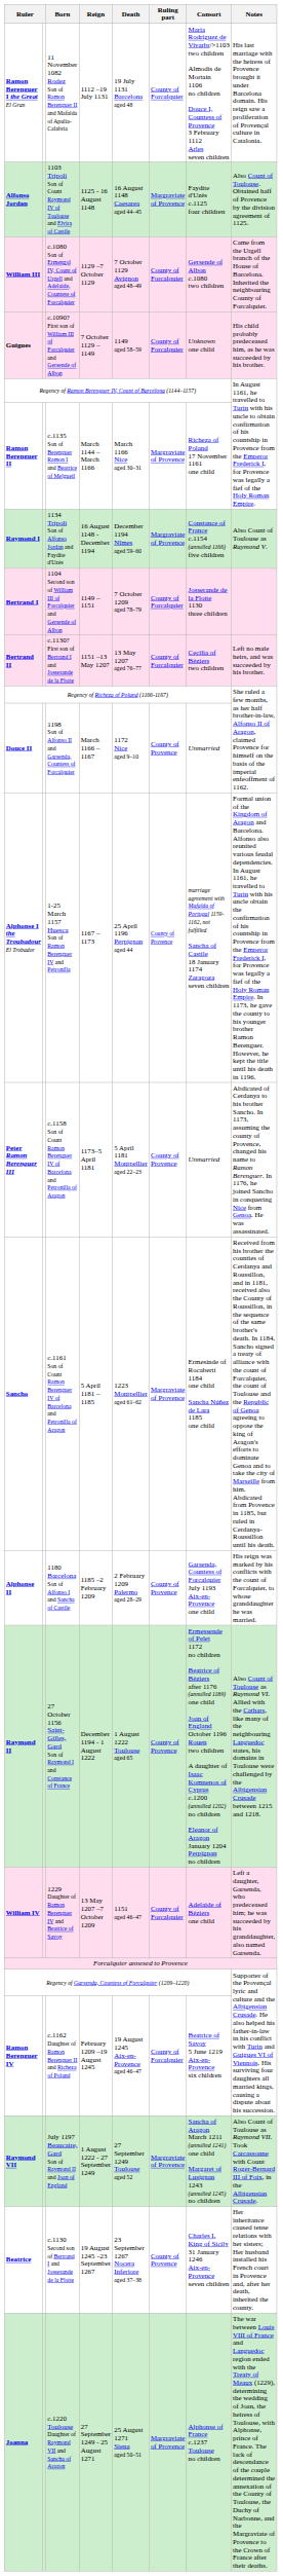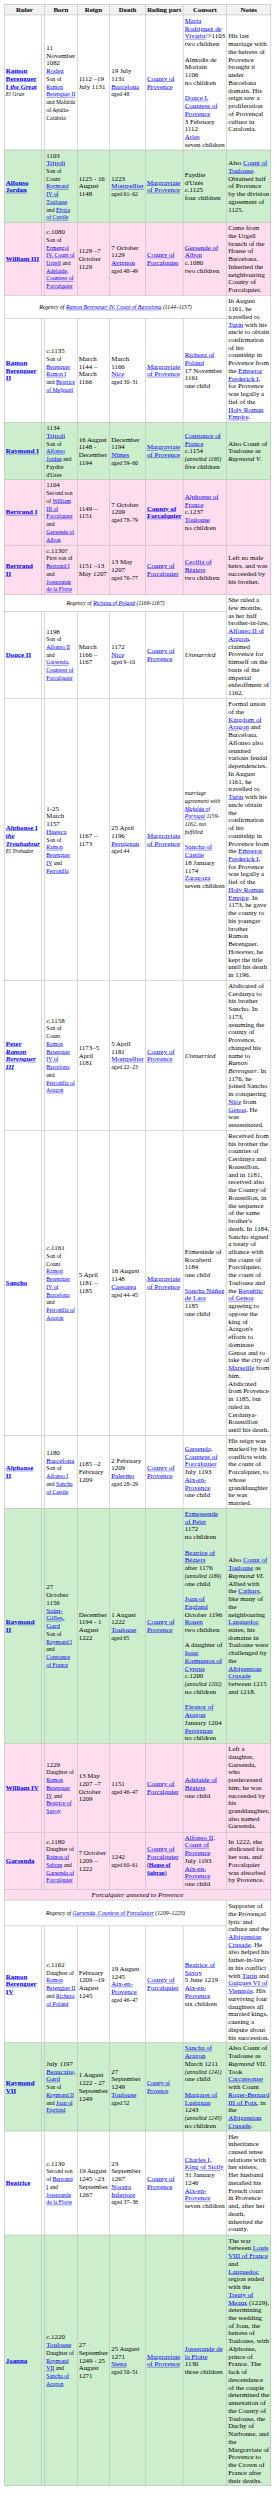 <table class="wikitable">
 <tr>
 <th colspan=2>Ruler</th>
 <th>Born</th>
 <th>Reign</th>
 <th>Death</th>
 <th>Ruling part</th>
 <th>Consort</th>
 <th>Notes</th>
 </tr>
 <tr bgcolor=#fff>
 <td><strong><a href='#'>Ramon Berenguer I <em>the Great</em></a></strong><br><small><em>El Gran</em></small><br></td>
 <td></td>
 <td>11 November 1082<br><a href='#'>Rodez</a><br><small>Son of <a href='#'>Ramon Berenguer II</a><br>and Mafalda of Apulia-Calabria</small></td>
 <td>1112 –19 July 1131</td>
 <td>19 July 1131<br><a href='#'>Barcelona</a><br><small>aged 48</small></td>
-<td><a href='#'>County of Forcalquier</a></td>
+<td><a href='#'>County of Provence</a></td>
 <td><a href='#'>María Rodríguez de Vivarbr</a>/>1103<br>two children<br><br>Almodis de Mortain<br>1106<br>no children<br><br><a href='#'>Douce I, Countess of Provence</a><br>3 February 1112<br><a href='#'>Arles</a><br>seven children</td>
 <td>His last marriage with the heiress of Provence brought it under Barcelona domain. His reign saw a proliferation of Provençal culture in Catalonia.</td>
 </tr>
 <tr bgcolor=#cec>
 <td><strong><a href='#'>Alfonso Jordan</a></strong></td>
 <td></td>
 <td>1103<br><a href='#'>Tripoli</a><br><small>Son of Count <a href='#'>Raymond IV of Toulouse</a> and <a href='#'>Elvira of Castile</a></small></td>
 <td>1125 - 16 August 1148</td>
-<td>16 August 1148<br><a href='#'>Caesarea</a><br><small>aged 44–45</small></td>
+<td>1223<br><a href='#'>Montpellier</a><br><small>aged 61–62</small></td>
 <td><a href='#'>Margraviate of Provence</a></td>
 <td>Faydite d'Uzès<br>c.1125<br>four children</td>
 <td>Also <a href='#'>Count of Toulouse</a>. Obtained half of Provence by the division agreement of 1125.</td>
 </tr>
 <tr bgcolor=#fde>
 <td><strong><a href='#'>William III</a></strong></td>
 <td></td>
 <td>c.1080<br><small>Son of <a href='#'>Ermengol IV, Count of Urgell</a> and <a href='#'>Adelaide, Countess of Forcalquier</a></small></td>
 <td>1129 –7 October 1129</td>
 <td>7 October 1129<br><a href='#'>Avignon</a><br><small>aged 48–49</small></td>
 <td><a href='#'>County of Forcalquier</a></td>
 <td><a href='#'>Gersende of Albon</a><br>c.1080<br>two children</td>
 <td>Came from the Urgell branch of the House of Barcelona. Inherited the neighbouring County of Forcalquier.</td>
-</tr>
-<tr bgcolor=#fde>
-<td><strong>Guigues</strong></td>
-<td></td>
-<td>c.1090?<br><small>First son of <a href='#'>William III of Forcalquier</a> and <a href='#'>Gersende of Albon</a></small></td>
-<td>7 October 1129 –1149</td>
-<td>1149<br><small>aged 58–59</small></td>
-<td><a href='#'>County of Forcalquier</a></td>
-<td><em>Unknown</em><br>one child</td>
-<td>His child probably predeceased him, as he was succeeded by his brother.</td>
 </tr>
 <tr bgcolor=#fff>
 <td colspan=7 align=center><small><em>Regency of <a href='#'>Ramon Berenguer IV, Count of Barcelona</a> (1144–1157)</em></small></td>
 <td rowspan="2">In August 1161, he travelled to <a href='#'>Turin</a> with his uncle to obtain confirmation of his countship in Provence from the <a href='#'>Emperor Frederick I</a>, for Provence was legally a fief of the <a href='#'>Holy Roman Empire</a>.</td>
 </tr>
 <tr bgcolor=#fff>
 <td><strong><a href='#'>Ramon Berenguer II</a></strong></td>
 <td></td>
 <td>c.1135<br><small>Son of <a href='#'>Berenguer Ramon I</a> and <a href='#'>Beatrice of Melgueil</a></small></td>
 <td>March 1144 – March 1166</td>
 <td>March 1166<br><a href='#'>Nice</a><br><small>aged 30–31</small></td>
 <td><a href='#'>Margraviate of Provence</a></td>
 <td><a href='#'>Richeza of Poland</a><br>17 November 1161<br>one child</td>
 </tr>
 <tr bgcolor=#cec>
 <td><strong><a href='#'>Raymond I</a></strong></td>
 <td></td>
 <td>1134<br><a href='#'>Tripoli</a><br><small>Son of <a href='#'>Alfonso Jordan</a> and Faydite d'Uzès</small></td>
 <td>16 August 1148 - December 1194</td>
 <td>December 1194<br><a href='#'>Nîmes</a><br><small>aged 59–60</small></td>
 <td><a href='#'>Margraviate of Provence</a></td>
 <td><a href='#'>Constance of France</a><br>c.1154<br><small><em>(annulled 1166)</em></small><br>five children</td>
 <td>Also Count of Toulouse as <em>Raymond V</em>.</td>
 </tr>
 <tr bgcolor=#fde>
 <td><strong><a href='#'>Bertrand I</a></strong></td>
 <td></td>
 <td>1104<br><small>Second son of <a href='#'>William III of Forcalquier</a> and <a href='#'>Gersende of Albon</a></small></td>
 <td>1149 –1151</td>
 <td>7 October 1209<br><small>aged 78–79</small></td>
-<td><a href='#'>County of Forcalquier</a></td>
-<td><a href='#'>Josserande de la Flotte</a><br>1130<br>three children</td>
+<td><strong><a href='#'>County of Forcalquier</a></strong></td>
+<td><a href='#'>Alphonse of France</a><br>c.1237<br><a href='#'>Toulouse</a><br>no children</td>
 <td></td>
 </tr>
 <tr bgcolor=#fde>
 <td><strong><a href='#'>Bertrand II</a></strong></td>
 <td></td>
 <td>c.1130?<br><small>First son of <a href='#'>Bertrand I</a> and <a href='#'>Josserande de la Flotte</a></small></td>
 <td>1151 –13 May 1207</td>
 <td>13 May 1207<br><small>aged 76–77</small></td>
 <td><a href='#'>County of Forcalquier</a></td>
 <td><a href='#'>Cecilia of Béziers</a><br>two children</td>
 <td>Left no male heirs, and was succeeded by his brother.</td>
 </tr>
 <tr bgcolor=#fff>
 <td colspan=7 align=center><small><em>Regency of <a href='#'>Richeza of Poland</a> (1166-1167)</em></small></td>
 <td rowspan="2">She ruled a few months, as her half brother-in-law, <a href='#'>Alfonso II of Aragon</a>, claimed Provence for himself on the basis of the imperial enfeoffment of 1162.</td>
 </tr>
 <tr bgcolor=#fff>
 <td><strong><a href='#'>Douce II</a></strong></td>
 <td></td>
 <td>1198<br><small>Son of <a href='#'>Alfonso II</a> and <a href='#'>Garsenda, Countess of Forcalquier</a></small></td>
 <td>March 1166 – 1167</td>
 <td>1172<br><a href='#'>Nice</a><br><small>aged 9–10</small></td>
 <td><a href='#'>County of Provence</a></td>
 <td><em>Unmarried</em></td>
 </tr>
 <tr bgcolor=#fff>
 <td><strong><a href='#'>Alphonse I <em>the Troubadour</em></a></strong><br><small><em>El Trobador</em></small><br></td>
 <td></td>
 <td>1-25 March 1157<br><a href='#'>Huesca</a><br><small>Son of <a href='#'>Ramon Berenguer IV</a> and <a href='#'>Petronilla</a></small></td>
 <td>1167 – 1173</td>
 <td>25 April 1196<br><a href='#'>Perpignan</a><br><small>aged 44</small></td>
-<td><small><a href='#'>County of Provence</a></small></td>
+<td><a href='#'>Margraviate of Provence</a></td>
 <td><small><em>marriage agreement with<br><a href='#'>Mafalda of Portugal</a> 1159-1162, not fulfilled</em></small><br><br><a href='#'>Sancha of Castile</a><br>18 January 1174<br><a href='#'>Zaragoza</a><br>seven children</td>
 <td>Formal union of the <a href='#'>Kingdom of Aragon</a> and Barcelona. Alfonso also reunited various feudal dependencies. In August 1161, he travelled to <a href='#'>Turin</a> with his uncle obtain the confirmation of his countship in Provence from the <a href='#'>Emperor Frederick I</a>, for Provence was legally a fief of the <a href='#'>Holy Roman Empire</a>. In 1173, he gave the county to his younger brother Ramon Berenguer. However, he kept the title until his death in 1196.</td>
 </tr>
 <tr bgcolor=#fff>
 <td><strong><a href='#'>Peter<br><em>Ramon Berenguer III</em></a></strong></td>
 <td></td>
 <td>c.1158<br><small>Son of Count <a href='#'>Ramon Berenguer IV of Barcelona</a> and <a href='#'>Petronilla of Aragon</a></small></td>
 <td>1173–5 April 1181</td>
 <td>5 April 1181<br><a href='#'>Montpellier</a><br><small>aged 22–23</small></td>
 <td><a href='#'>County of Provence</a></td>
 <td><em>Unmarried</em></td>
 <td>Abdicated of Cerdanya to his brother Sancho. In 1173, assuming the county of Provence, changed his name to <em>Ramon Berenguer</em>. In 1176, he joined Sancho in conquering <a href='#'>Nice</a> from <a href='#'>Genoa</a>. He was assassinated.</td>
 </tr>
 <tr bgcolor=#fff>
 <td><strong><a href='#'>Sancho</a></strong></td>
 <td></td>
 <td>c.1161<br><small>Son of Count <a href='#'>Ramon Berenguer IV of Barcelona</a> and <a href='#'>Petronilla of Aragon</a></small></td>
 <td>5 April 1181 – 1185</td>
-<td>1223<br><a href='#'>Montpellier</a><br><small>aged 61–62</small></td>
+<td>16 August 1148<br><a href='#'>Caesarea</a><br><small>aged 44–45</small></td>
 <td><a href='#'>Margraviate of Provence</a></td>
 <td>Ermesinde of Rocabertí<br>1184<br>one child<br><br><a href='#'>Sancha Núñez de Lara</a><br>1185<br>one child</td>
 <td>Received from his brother the counties of Cerdanya and Roussillon, and in 1181, received also the County of Roussillon, in the sequence of the same brother's death. In 1184, Sancho signed a treaty of alliance with the count of Forcalquier, the count of Toulouse and the <a href='#'>Republic of Genoa</a> agreeing to oppose the king of Aragon's efforts to dominate Genoa and to take the city of <a href='#'>Marseille</a> from him. Abdicated from Provence in 1185, but ruled in Cerdanya-Roussillon until his death.</td>
 </tr>
 <tr bgcolor=#fff>
 <td><strong><a href='#'>Alphonse II</a></strong></td>
 <td></td>
 <td>1180<br><a href='#'>Barcelona</a><br><small>Son of <a href='#'>Alfonso I</a> and <a href='#'>Sancha of Castile</a></small></td>
 <td>1185 –2 February 1209</td>
 <td>2 February 1209<br><a href='#'>Palermo</a><br><small>aged 28–29</small></td>
 <td><a href='#'>County of Provence</a></td>
 <td><a href='#'>Garsenda, Countess of Forcalquier</a><br>July 1193<br><a href='#'>Aix-en-Provence</a><br>one child</td>
 <td>His reign was marked by his conflicts with the count of Forcalquier, to whose granddaughter he was married.</td>
 </tr>
 <tr bgcolor=#cec>
 <td><strong><a href='#'>Raymond II</a></strong></td>
 <td></td>
 <td>27 October 1156<br><a href='#'>Saint-Gilles, Gard</a><br><small>Son of <a href='#'>Raymond I</a> and <a href='#'>Constance of France</a></small></td>
 <td>December 1194 - 1 August 1222</td>
 <td>1 August 1222<br><a href='#'>Toulouse</a><br><small>aged 65</small></td>
 <td><a href='#'>County of Provence</a></td>
 <td><a href='#'>Ermessende of Pelet</a><br>1172<br>no children<br><br><a href='#'>Beatrice of Béziers</a><br>after 1176<br><small><em>(annulled 1189)</em></small><br>one child<br><br><a href='#'>Joan of England</a><br>October 1196<br><a href='#'>Rouen</a><br>two children<br><br>A daughter of <a href='#'>Isaac Komnenos of Cyprus</a><br>c.1200<br><small><em>(annulled 1202)</em></small><br>no children<br><br><a href='#'>Eleanor of Aragon</a><br>January 1204<br><a href='#'>Perpignan</a><br>no children</td>
 <td>Also <a href='#'>Count of Toulouse</a> as <em>Raymond VI</em>. Allied with the <a href='#'>Cathars</a>, like many of the neighbouring <a href='#'>Languedoc</a> states, his domains in Toulouse were challenged by the <a href='#'>Albigensian Crusade</a> between 1215 and 1218.</td>
 </tr>
 <tr bgcolor=#fde>
 <td><strong><a href='#'>William IV</a></strong></td>
 <td></td>
 <td>1229<br><small>Daughter of <a href='#'>Ramon Berenguer IV</a> and <a href='#'>Beatrice of Savoy</a></small></td>
 <td>13 May 1207 –7 October 1209</td>
 <td>1151<br><small>aged 46–47</small></td>
 <td><a href='#'>County of Forcalquier</a></td>
 <td><a href='#'>Adelaide of Béziers</a><br>one child</td>
 <td>Left a daughter, Garsenda, who predeceased him; he was succeeded by his granddaughter, also named Garsenda.</td>
 </tr>
 <tr bgcolor=#fde>
+<td><strong><a href='#'>Garsenda</a></strong></td>
+<td></td>
+<td>c.1180<br><small>Daughter of <a href='#'>Rainou of Sabran</a> and <a href='#'>Garsenda of Forcalquier</a></small></td>
+<td>7 October 1209 –1222</td>
+<td>1242<br><small>aged 60–61</small></td>
+<td><a href='#'>County of Forcalquier</a><br><small>(<strong><a href='#'>House of Sabran</a></strong>)</small></td>
+<td><a href='#'>Alfonso II, Count of Provence</a><br>July 1193<br><a href='#'>Aix-en-Provence</a><br>one child</td>
+<td>In 1222, she abdicated for her son, and Forcalquier was absorbed by Provence.</td>
+</tr>
+<tr bgcolor=#fde>
 <td colspan=8 align=center><em>Forcalquier annexed to Provence</em></td>
 </tr>
 <tr bgcolor=#fff>
 <td colspan=7 align="center"><small><em>Regency of <a href='#'>Garsenda, Countess of Forcalquier</a> (1209–1220)</em></small></td>
 <td rowspan="2">Supporter of the Provençal lyric and culture and the <a href='#'>Albigensian Crusade</a>. He also helped his father-in-law in his conflict with <a href='#'>Turin</a> and <a href='#'>Guigues VI of Viennois</a>. His surviving four daughters all married kings, causing a dispute about his succession.</td>
 </tr>
 <tr bgcolor=#fff>
 <td><strong><a href='#'>Ramon Berenguer IV</a></strong></td>
 <td></td>
 <td>c.1162<br><small>Daughter of <a href='#'>Ramon Berenguer II</a> and <a href='#'>Richeza of Poland</a></small></td>
 <td>February 1209 –19 August 1245</td>
 <td>19 August 1245<br><a href='#'>Aix-en-Provence</a><br><small>aged 46–47</small></td>
 <td><a href='#'>County of Forcalquier</a></td>
 <td><a href='#'>Beatrice of Savoy</a><br>5 June 1219<br><a href='#'>Aix-en-Provence</a><br>six children</td>
 </tr>
 <tr bgcolor=#cec>
 <td><strong><a href='#'>Raymond VII</a></strong></td>
 <td></td>
 <td>July 1197<br><a href='#'>Beaucaire, Gard</a><br><small>Son of <a href='#'>Raymond II</a> and <a href='#'>Joan of England</a></small></td>
 <td>1 August 1222 - 27 September 1249</td>
 <td>27 September 1249<br><a href='#'>Toulouse</a><br><small>aged 52</small></td>
-<td><a href='#'>Margraviate of Provence</a></td>
+<td><small><a href='#'>County of Provence</a></small></td>
 <td><a href='#'>Sancha of Aragon</a><br>March 1211<br><small><em>(annulled 1241)</em></small><br>one child<br><br><a href='#'>Margaret of Lusignan</a><br>1243<br><small><em>(annulled 1245)</em></small><br>no children</td>
 <td>Also Count of Toulouse as <em>Raymond VII</em>. Took <a href='#'>Carcassonne</a> with Count <a href='#'>Roger-Bernard III of Foix</a>, in the <a href='#'>Albigensian Crusade</a>.</td>
 </tr>
 <tr bgcolor=#fff>
 <td><strong><a href='#'>Beatrice</a></strong></td>
 <td></td>
 <td>c.1130<br><small>Second son of <a href='#'>Bertrand I</a> and <a href='#'>Josserande de la Flotte</a></small></td>
 <td>19 August 1245 –23 September 1267</td>
 <td>23 September 1267<br><a href='#'>Nocera Inferiore</a><br><small>aged 37–38</small></td>
 <td><a href='#'>County of Provence</a></td>
 <td><a href='#'>Charles I, King of Sicily</a><br>31 January 1246<br><a href='#'>Aix-en-Provence</a><br>seven children</td>
 <td>Her inheritance caused tense relations with her sisters; Her husband installed his French court in Provence and, after her death, inherited the county.</td>
 </tr>
 <tr bgcolor=#cec>
 <td><strong><a href='#'>Joanna</a></strong></td>
 <td></td>
 <td>c.1220<br><a href='#'>Toulouse</a><br><small>Daughter of <a href='#'>Raymond VII</a> and <a href='#'>Sancha of Aragon</a></small></td>
 <td>27 September 1249 - 25 August 1271</td>
 <td>25 August 1271<br><a href='#'>Siena</a><br><small>aged 50–51</small></td>
 <td><a href='#'>Margraviate of Provence</a></td>
-<td><a href='#'>Alphonse of France</a><br>c.1237<br><a href='#'>Toulouse</a><br>no children</td>
+<td><a href='#'>Josserande de la Flotte</a><br>1130<br>three children</td>
 <td>The war between <a href='#'>Louis VIII of France</a> and <a href='#'>Languedoc</a> region ended with the <a href='#'>Treaty of Meaux</a> (1229), determining the wedding of Joan, the heiress of Toulouse, with Alphonse, prince of France. The lack of descendance of the couple determined the annexation of the County of Toulouse, the Duchy of Narbonne, and the Margraviate of Provence to the Crown of France after their deaths.</td>
 </tr>
 </table>
